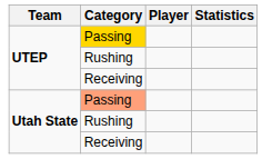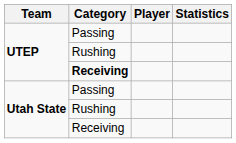 <table class="wikitable" style="float: right;">
 <tr>
 <th>Team</th>
 <th>Category</th>
 <th>Player</th>
 <th>Statistics</th>
 </tr>
 <tr>
 <td rowspan=3><strong>UTEP</strong></td>
-<td style="background: gold;">Passing</td>
+<td>Passing</td>
 <td></td>
 <td></td>
 </tr>
 <tr>
 <td>Rushing</td>
 <td></td>
 <td></td>
 </tr>
 <tr>
-<td>Receiving</td>
+<td><strong>Receiving</strong></td>
 <td></td>
 <td></td>
 </tr>
 <tr>
 <td rowspan=3><strong>Utah State</strong></td>
-<td style="background: lightsalmon;">Passing</td>
+<td>Passing</td>
 <td></td>
 <td></td>
 </tr>
 <tr>
 <td>Rushing</td>
 <td></td>
 <td></td>
 </tr>
 <tr>
 <td>Receiving</td>
 <td></td>
 <td></td>
 </tr>
 </table>
